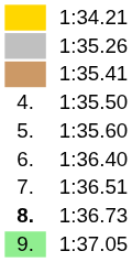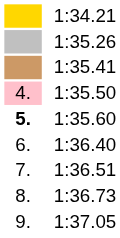 <table style="text-align:center">
 <tr>
 <td width=30 bgcolor=gold></td>
 <td align=left></td>
 <td width=60>1:34.21</td>
 </tr>
 <tr>
 <td bgcolor=silver></td>
 <td align=left></td>
 <td>1:35.26</td>
 </tr>
 <tr>
 <td bgcolor=cc9966></td>
 <td align=left></td>
 <td>1:35.41</td>
 </tr>
 <tr>
-<td>4.</td>
+<td style="background: pink;">4.</td>
 <td align=left></td>
 <td>1:35.50</td>
 </tr>
 <tr>
-<td>5.</td>
+<td><strong>5.</strong></td>
 <td align=left></td>
 <td>1:35.60</td>
 </tr>
 <tr>
 <td>6.</td>
 <td align=left></td>
 <td>1:36.40</td>
 </tr>
 <tr>
 <td>7.</td>
 <td align=left></td>
 <td>1:36.51</td>
 </tr>
 <tr>
-<td><strong>8.</strong></td>
+<td>8.</td>
 <td align=left></td>
 <td>1:36.73</td>
 </tr>
 <tr>
-<td style="background: lightgreen;">9.</td>
+<td>9.</td>
 <td align=left></td>
 <td>1:37.05</td>
 </tr>
 </table>
